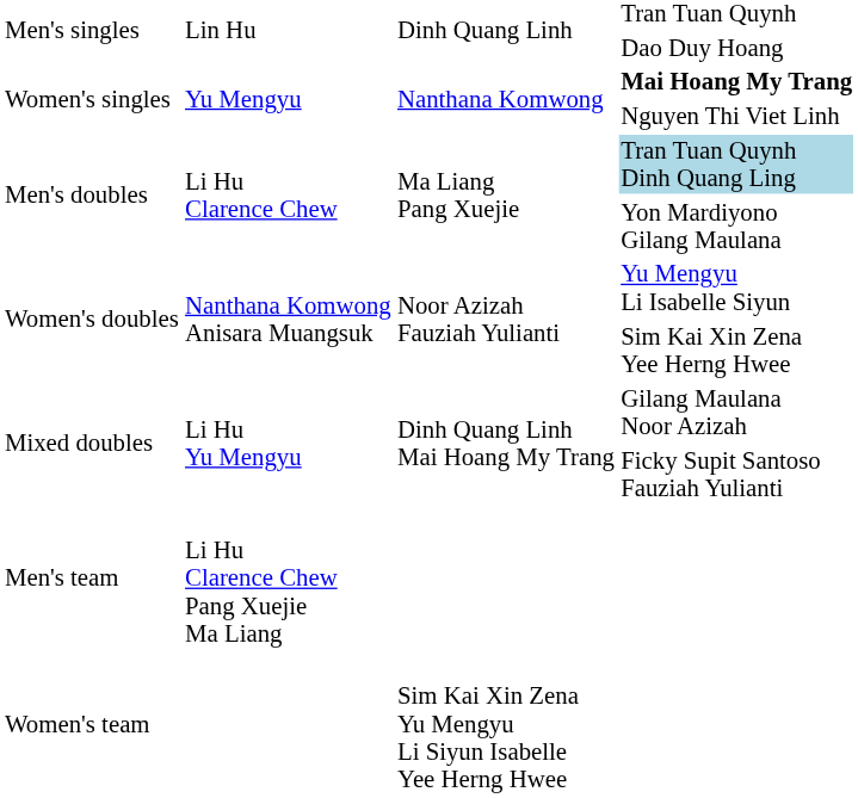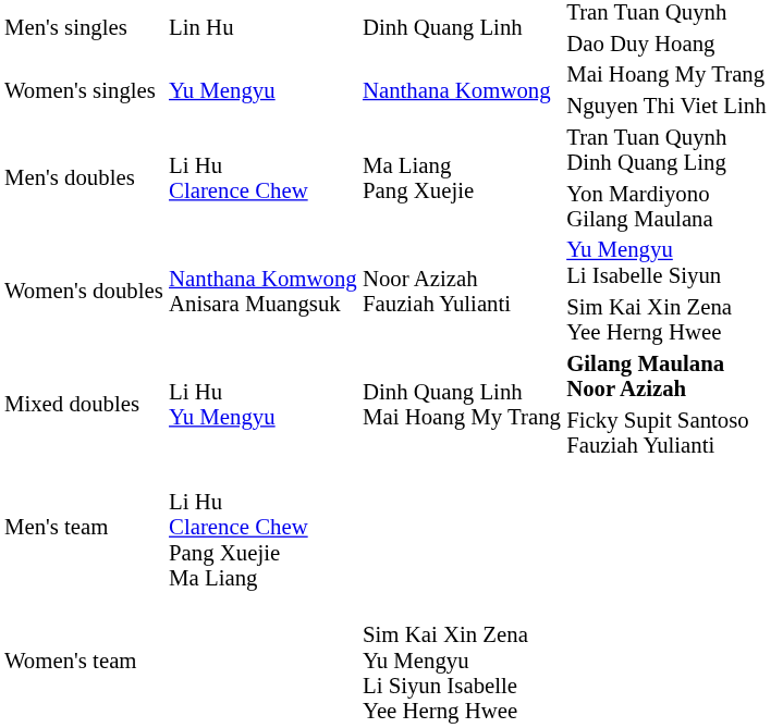 <table>
 <tr>
 <td rowspan=2>Men's singles <br></td>
 <td rowspan=2> Lin Hu</td>
 <td rowspan=2> Dinh Quang Linh</td>
 <td> Tran Tuan Quynh</td>
 </tr>
 <tr>
 <td> Dao Duy Hoang</td>
 </tr>
 <tr>
 <td rowspan=2>Women's singles <br></td>
 <td rowspan=2> <a href='#'>Yu Mengyu</a></td>
 <td rowspan=2> <a href='#'>Nanthana Komwong</a></td>
-<td><strong> Mai Hoang My Trang</strong></td>
+<td> Mai Hoang My Trang</td>
 </tr>
 <tr>
 <td> Nguyen Thi Viet Linh</td>
 </tr>
 <tr>
 <td rowspan=2>Men's doubles <br></td>
 <td rowspan=2> Li Hu<br> <a href='#'>Clarence Chew</a></td>
 <td rowspan=2> Ma Liang<br> Pang Xuejie</td>
-<td style="background: lightblue;"> Tran Tuan Quynh<br> Dinh Quang Ling</td>
+<td> Tran Tuan Quynh<br> Dinh Quang Ling</td>
 </tr>
 <tr>
 <td> Yon Mardiyono<br> Gilang Maulana</td>
 </tr>
 <tr>
 <td rowspan=2>Women's doubles <br></td>
 <td rowspan=2> <a href='#'>Nanthana Komwong</a><br> Anisara Muangsuk</td>
 <td rowspan=2> Noor Azizah<br> Fauziah Yulianti</td>
 <td> <a href='#'>Yu Mengyu</a><br>  Li Isabelle Siyun</td>
 </tr>
 <tr>
 <td> Sim Kai Xin Zena<br> Yee Herng Hwee</td>
 </tr>
 <tr>
 <td rowspan=2>Mixed doubles <br></td>
 <td rowspan=2> Li Hu<br> <a href='#'>Yu Mengyu</a></td>
 <td rowspan=2> Dinh Quang Linh<br> Mai Hoang My Trang</td>
-<td> Gilang Maulana<br> Noor Azizah</td>
+<td><strong> Gilang Maulana<br> Noor Azizah</strong></td>
 </tr>
 <tr>
 <td> Ficky Supit Santoso<br> Fauziah Yulianti</td>
 </tr>
 <tr>
 <td rowspan=2>Men's team <br></td>
 <td rowspan=2><br>Li Hu<br><a href='#'>Clarence Chew</a><br>Pang Xuejie<br>Ma Liang</td>
 <td rowspan=2></td>
 <td></td>
 </tr>
 <tr>
 <td></td>
 </tr>
 <tr>
 <td rowspan=2>Women's team <br></td>
 <td rowspan=2></td>
 <td rowspan=2><br>Sim Kai Xin Zena<br>Yu Mengyu<br>Li Siyun Isabelle<br>Yee Herng Hwee</td>
 <td></td>
 </tr>
 <tr>
 <td></td>
 </tr>
 </table>
